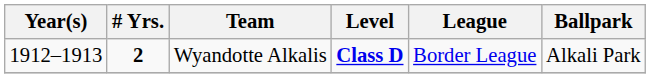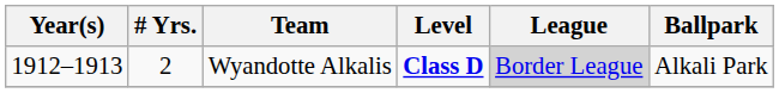 <table class="wikitable" style="text-align:center; font-size: 95%;">
 <tr>
 <th>Year(s)</th>
 <th># Yrs.</th>
 <th>Team</th>
 <th>Level</th>
 <th>League</th>
 <th>Ballpark</th>
 </tr>
 <tr>
 <td>1912–1913</td>
-<td><strong>2</strong></td>
+<td>2</td>
 <td>Wyandotte Alkalis</td>
 <td><strong><a href='#'>Class D</a></strong></td>
-<td><a href='#'>Border League</a></td>
+<td style="background: lightgrey;"><a href='#'>Border League</a></td>
 <td>Alkali Park</td>
 </tr>
 <tr>
 </tr>
 </table>
